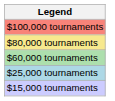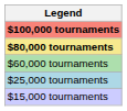 <table class=wikitable style="font-size:85%">
 <tr>
 <th>Legend</th>
 </tr>
 <tr style="background:#f88379;">
-<td>$100,000 tournaments</td>
+<td><strong>$100,000 tournaments</strong></td>
 </tr>
 <tr style="background:#f7e98e;">
-<td>$80,000 tournaments</td>
+<td><strong>$80,000 tournaments</strong></td>
 </tr>
 <tr style="background:#addfad;">
 <td>$60,000 tournaments</td>
 </tr>
 <tr style="background:lightblue;">
 <td>$25,000 tournaments</td>
 </tr>
 <tr style="background:#ccccff;">
 <td>$15,000 tournaments</td>
 </tr>
 </table>
